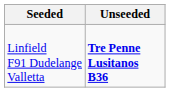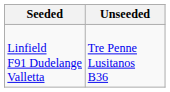 <table class="wikitable" style="font-size:80%">
 <tr>
 <th width=50%>Seeded</th>
 <th width=50%>Unseeded</th>
 </tr>
 <tr>
 <td valign=top><br> <a href='#'>Linfield</a><br>  <a href='#'>F91 Dudelange</a><br>  <a href='#'>Valletta</a></td>
-<td valign=top><strong><br> <a href='#'>Tre Penne</a><br>  <a href='#'>Lusitanos</a><br>  <a href='#'>B36</a></strong></td>
+<td valign=top><br> <a href='#'>Tre Penne</a><br>  <a href='#'>Lusitanos</a><br>  <a href='#'>B36</a></td>
 </tr>
 </table>
